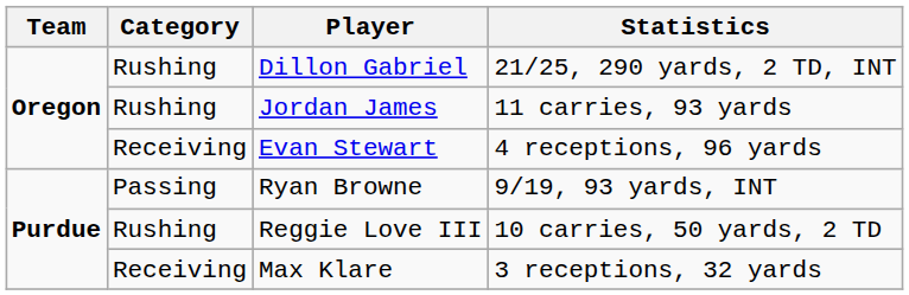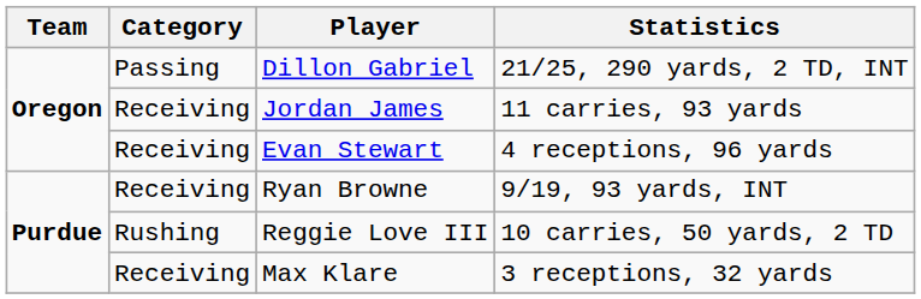 <table class="wikitable" style="float: right;">
 <tr>
 <th>Team</th>
 <th>Category</th>
 <th>Player</th>
 <th>Statistics</th>
 </tr>
 <tr>
 <td rowspan=3><strong>Oregon</strong></td>
-<td>Rushing</td>
+<td>Passing</td>
 <td><a href='#'>Dillon Gabriel</a></td>
 <td>21/25, 290 yards, 2 TD, INT</td>
 </tr>
 <tr>
-<td>Rushing</td>
+<td>Receiving</td>
 <td><a href='#'>Jordan James</a></td>
 <td>11 carries, 93 yards</td>
 </tr>
 <tr>
 <td>Receiving</td>
 <td><a href='#'>Evan Stewart</a></td>
 <td>4 receptions, 96 yards</td>
 </tr>
 <tr>
 <td rowspan=3><strong>Purdue</strong></td>
-<td>Passing</td>
+<td>Receiving</td>
 <td>Ryan Browne</td>
 <td>9/19, 93 yards, INT</td>
 </tr>
 <tr>
 <td>Rushing</td>
 <td>Reggie Love III</td>
 <td>10 carries, 50 yards, 2 TD</td>
 </tr>
 <tr>
 <td>Receiving</td>
 <td>Max Klare</td>
 <td>3 receptions, 32 yards</td>
 </tr>
 </table>
